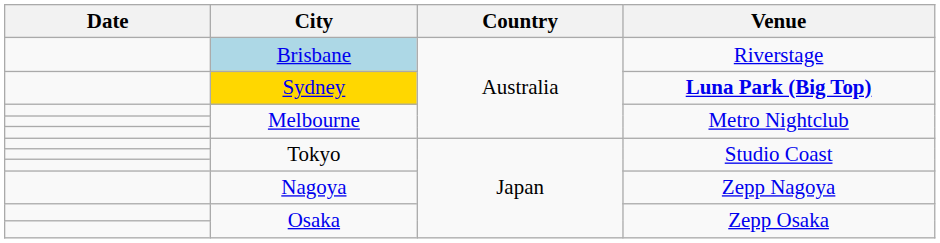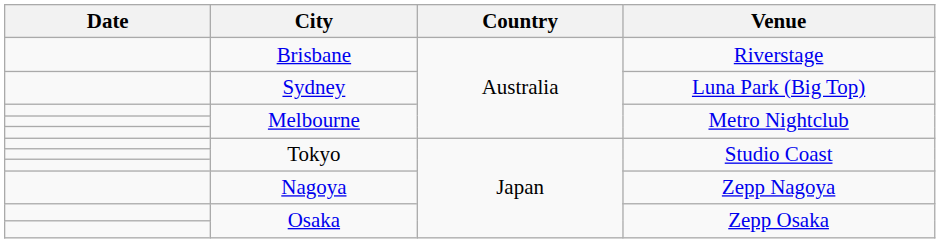 <table class="wikitable" style="text-align:center;">
 <tr>
 <th width="150">Date</th>
 <th width="150">City</th>
 <th width="150">Country</th>
 <th width="230">Venue</th>
 </tr>
 <tr>
 <td></td>
-<td style="background: lightblue;"><a href='#'>Brisbane</a></td>
+<td><a href='#'>Brisbane</a></td>
 <td rowspan="5">Australia</td>
 <td><a href='#'>Riverstage</a></td>
 </tr>
 <tr>
 <td></td>
-<td style="background: gold;"><a href='#'>Sydney</a></td>
-<td><strong><a href='#'>Luna Park (Big Top)</a></strong></td>
+<td><a href='#'>Sydney</a></td>
+<td><a href='#'>Luna Park (Big Top)</a></td>
 </tr>
 <tr>
 <td></td>
 <td rowspan="3"><a href='#'>Melbourne</a></td>
 <td rowspan="3"><a href='#'>Metro Nightclub</a></td>
 </tr>
 <tr>
 <td></td>
 </tr>
 <tr>
 <td></td>
 </tr>
 <tr>
 <td></td>
 <td rowspan="3">Tokyo</td>
 <td rowspan="6">Japan</td>
 <td rowspan="3"><a href='#'>Studio Coast</a></td>
 </tr>
 <tr>
 <td></td>
 </tr>
 <tr>
 <td></td>
 </tr>
 <tr>
 <td></td>
 <td><a href='#'>Nagoya</a></td>
 <td><a href='#'>Zepp Nagoya</a></td>
 </tr>
 <tr>
 <td></td>
 <td rowspan="2"><a href='#'>Osaka</a></td>
 <td rowspan="2"><a href='#'>Zepp Osaka</a></td>
 </tr>
 <tr>
 <td></td>
 </tr>
 </table>
